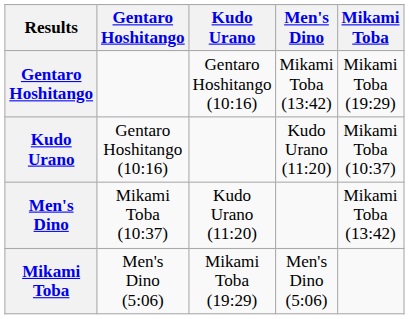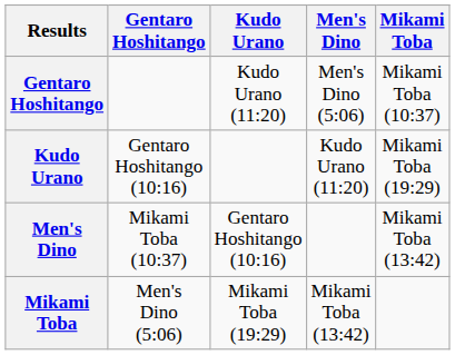 <table class="wikitable" style="margin: 1em auto 1em auto">
 <tr align="center">
 <th>Results</th>
 <th><a href='#'>Gentaro</a><br><a href='#'>Hoshitango</a></th>
 <th><a href='#'>Kudo</a><br><a href='#'>Urano</a></th>
 <th><a href='#'>Men's</a><br><a href='#'>Dino</a></th>
 <th><a href='#'>Mikami</a><br><a href='#'>Toba</a></th>
 </tr>
 <tr align="center">
 <th><a href='#'>Gentaro</a><br><a href='#'>Hoshitango</a></th>
 <td></td>
-<td>Gentaro<br>Hoshitango<br>(10:16)</td>
-<td>Mikami<br>Toba<br>(13:42)</td>
-<td>Mikami<br>Toba<br>(19:29)</td>
+<td>Kudo<br>Urano<br>(11:20)</td>
+<td>Men's<br>Dino<br>(5:06)</td>
+<td>Mikami<br>Toba<br>(10:37)</td>
 </tr>
 <tr align="center">
 <th><a href='#'>Kudo</a><br><a href='#'>Urano</a></th>
 <td>Gentaro<br>Hoshitango<br>(10:16)</td>
 <td></td>
 <td>Kudo<br>Urano<br>(11:20)</td>
-<td>Mikami<br>Toba<br>(10:37)</td>
+<td>Mikami<br>Toba<br>(19:29)</td>
 </tr>
 <tr align="center">
 <th><a href='#'>Men's</a><br><a href='#'>Dino</a></th>
 <td>Mikami<br>Toba<br>(10:37)</td>
-<td>Kudo<br>Urano<br>(11:20)</td>
+<td>Gentaro<br>Hoshitango<br>(10:16)</td>
 <td></td>
 <td>Mikami<br>Toba<br>(13:42)</td>
 </tr>
 <tr align="center">
 <th><a href='#'>Mikami</a><br><a href='#'>Toba</a></th>
 <td>Men's<br>Dino<br>(5:06)</td>
 <td>Mikami<br>Toba<br>(19:29)</td>
-<td>Men's<br>Dino<br>(5:06)</td>
+<td>Mikami<br>Toba<br>(13:42)</td>
 <td></td>
 </tr>
 </table>
